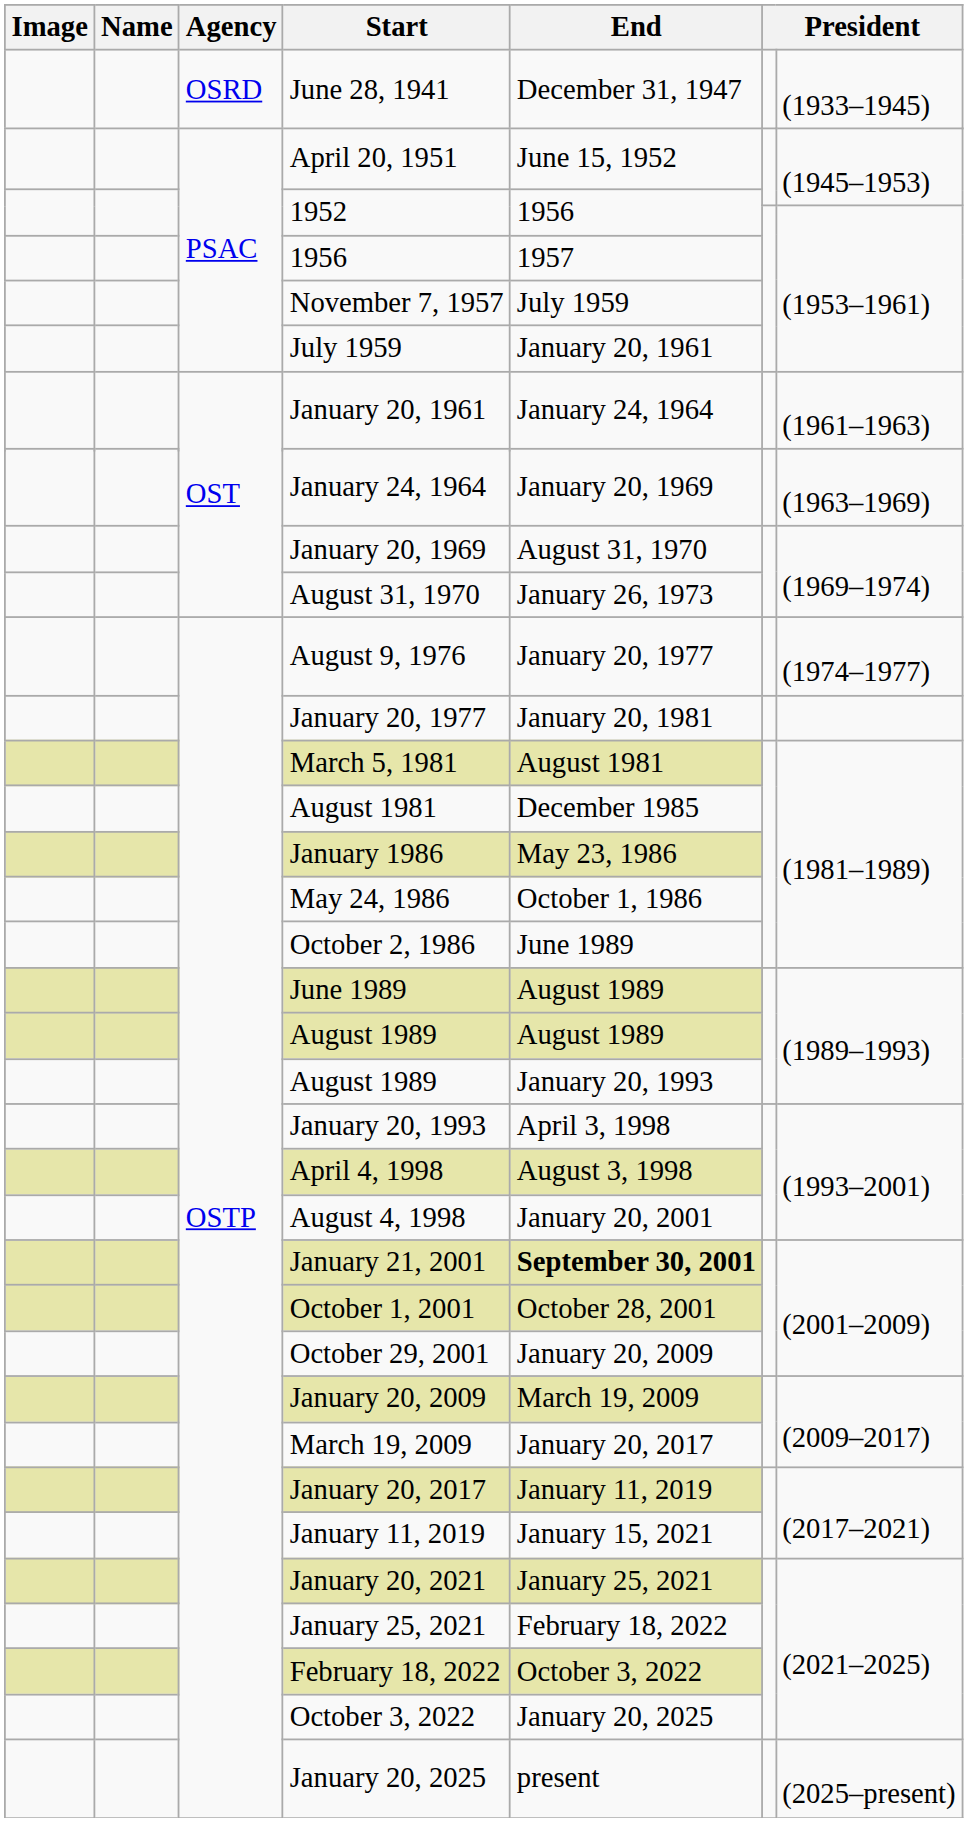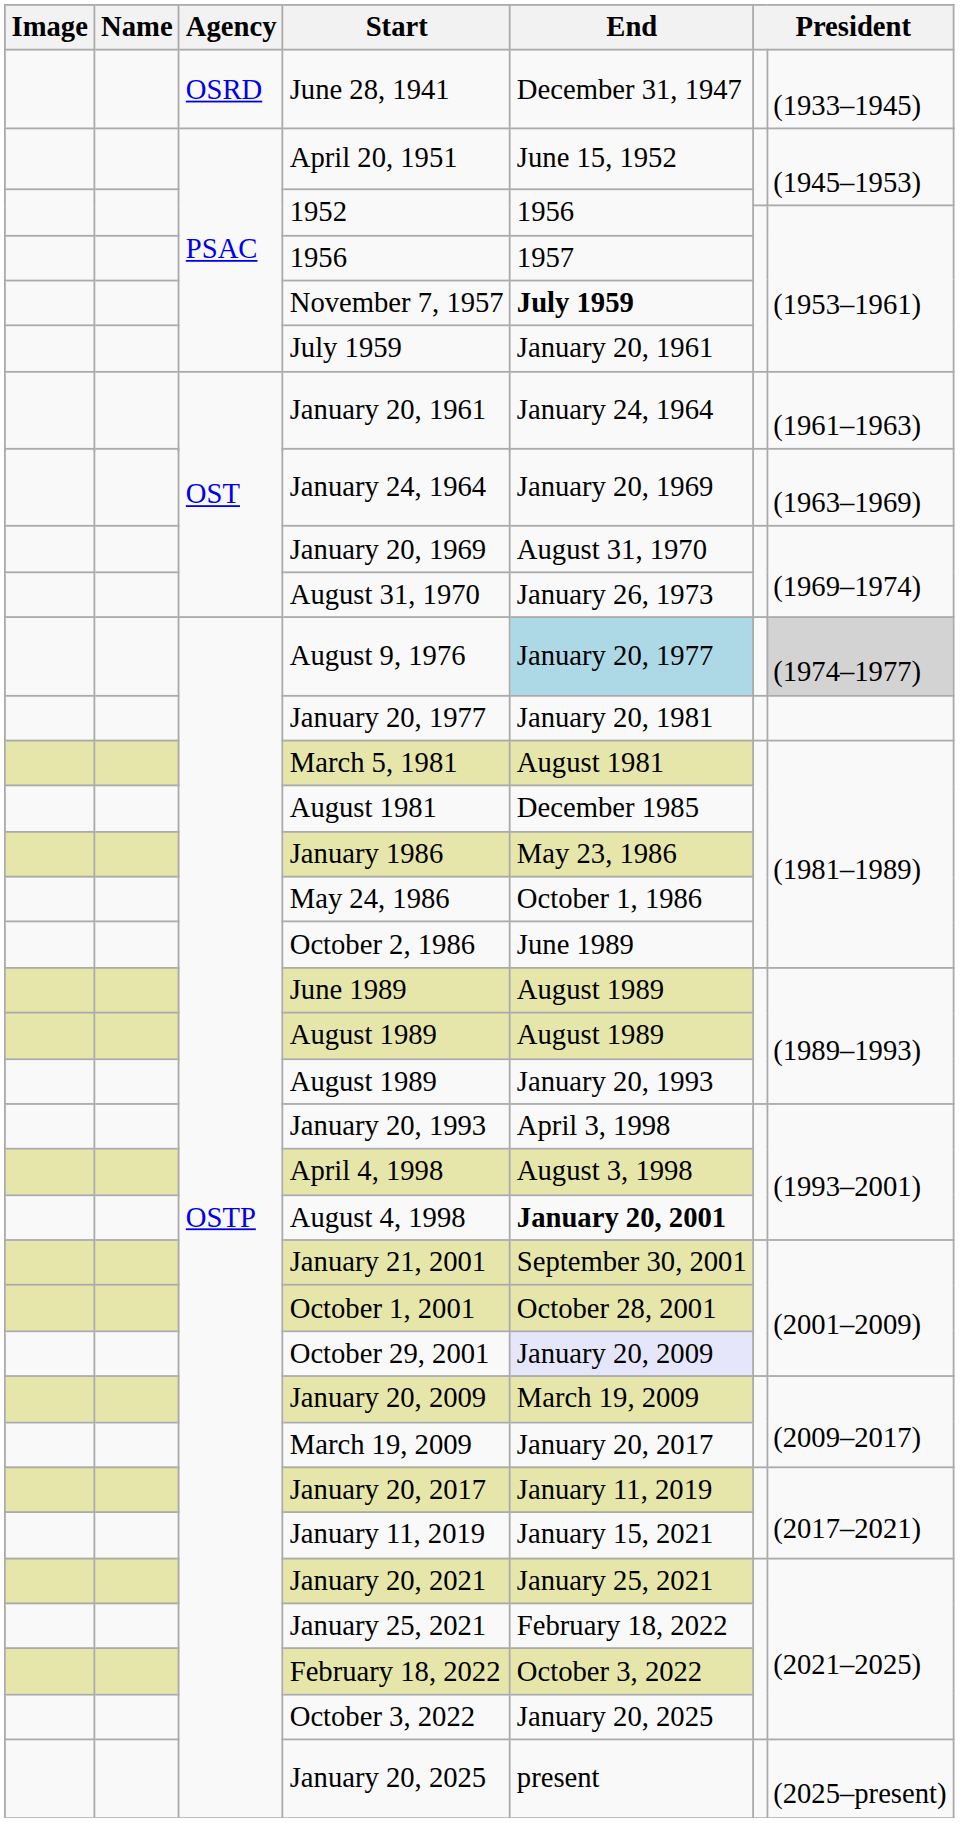 <table class="wikitable sortable">
 <tr>
 <th class=unsortable>Image</th>
 <th>Name</th>
 <th>Agency</th>
 <th>Start</th>
 <th>End</th>
 <th colspan=2>President</th>
 </tr>
 <tr>
 <td rowspan=2></td>
 <td rowspan=2></td>
 <td rowspan=2><a href='#'>OSRD</a></td>
 <td rowspan=2>June 28, 1941</td>
 <td rowspan=2>December 31, 1947</td>
 <td style="background: "></td>
 <td><br>(1933–1945)</td>
 </tr>
 <tr>
 <td rowspan=3 style="background: "></td>
 <td rowspan=3><br>(1945–1953)</td>
 </tr>
 <tr>
 <td></td>
 <td></td>
 <td rowspan=6><a href='#'>PSAC</a></td>
 <td>April 20, 1951</td>
 <td>June 15, 1952</td>
 </tr>
 <tr>
 <td rowspan=2></td>
 <td rowspan=2></td>
 <td rowspan=2>1952</td>
 <td rowspan=2>1956</td>
 </tr>
 <tr>
 <td rowspan=4 style="background: "></td>
 <td rowspan=4><br>(1953–1961)</td>
 </tr>
 <tr>
 <td></td>
 <td></td>
 <td>1956</td>
 <td>1957</td>
 </tr>
 <tr>
 <td></td>
 <td></td>
 <td>November 7, 1957</td>
-<td>July 1959</td>
+<td><strong>July 1959</strong></td>
 </tr>
 <tr>
 <td></td>
 <td></td>
 <td>July 1959</td>
 <td>January 20, 1961</td>
 </tr>
 <tr>
 <td rowspan=2></td>
 <td rowspan=2></td>
 <td rowspan=5><a href='#'>OST</a></td>
 <td rowspan=2>January 20, 1961</td>
 <td rowspan=2>January 24, 1964</td>
 <td style="background: "></td>
 <td><br>(1961–1963)</td>
 </tr>
 <tr>
 <td rowspan=2 style="background: "></td>
 <td rowspan=2><br>(1963–1969)</td>
 </tr>
 <tr>
 <td></td>
 <td></td>
 <td>January 24, 1964</td>
 <td>January 20, 1969</td>
 </tr>
 <tr>
 <td></td>
 <td></td>
 <td>January 20, 1969</td>
 <td>August 31, 1970</td>
 <td rowspan=2 style="background: "></td>
 <td rowspan=2><br>(1969–1974)</td>
 </tr>
 <tr>
 <td></td>
 <td></td>
 <td>August 31, 1970</td>
 <td>January 26, 1973</td>
 </tr>
 <tr>
 <td></td>
 <td></td>
 <td rowspan=25><a href='#'>OSTP</a></td>
 <td>August 9, 1976</td>
-<td>January 20, 1977</td>
+<td style="background: lightblue;">January 20, 1977</td>
 <td style="background: "></td>
-<td><br>(1974–1977)</td>
+<td style="background: lightgrey;"><br>(1974–1977)</td>
 </tr>
 <tr>
 <td></td>
 <td></td>
 <td>January 20, 1977</td>
 <td>January 20, 1981</td>
 <td style="background: "></td>
 <td></td>
 </tr>
 <tr>
 <td bgcolor="#e6e6aa"></td>
 <td bgcolor="#e6e6aa"><br></td>
 <td bgcolor="#e6e6aa">March 5, 1981</td>
 <td bgcolor="#e6e6aa">August 1981</td>
 <td rowspan=5 style="background: "></td>
 <td rowspan=5><br>(1981–1989)</td>
 </tr>
 <tr>
 <td></td>
 <td></td>
 <td>August 1981</td>
 <td>December 1985</td>
 </tr>
 <tr bgcolor="#e6e6aa">
 <td></td>
 <td><br></td>
 <td>January 1986</td>
 <td>May 23, 1986</td>
 </tr>
 <tr>
 <td></td>
 <td><br></td>
 <td>May 24, 1986</td>
 <td>October 1, 1986</td>
 </tr>
 <tr>
 <td></td>
 <td></td>
 <td>October 2, 1986</td>
 <td>June 1989</td>
 </tr>
 <tr>
 <td bgcolor="#e6e6aa"></td>
 <td bgcolor="#e6e6aa"><br></td>
 <td bgcolor="#e6e6aa">June 1989</td>
 <td bgcolor="#e6e6aa">August 1989</td>
 <td rowspan=3 style="background: "></td>
 <td rowspan=3><br>(1989–1993)</td>
 </tr>
 <tr bgcolor="#e6e6aa">
 <td></td>
 <td><br></td>
 <td>August 1989</td>
 <td>August 1989</td>
 </tr>
 <tr>
 <td></td>
 <td></td>
 <td>August 1989</td>
 <td>January 20, 1993</td>
 </tr>
 <tr>
 <td></td>
 <td></td>
 <td>January 20, 1993</td>
 <td>April 3, 1998</td>
 <td rowspan=3 style="background: "></td>
 <td rowspan=3><br>(1993–2001)</td>
 </tr>
 <tr bgcolor="#e6e6aa">
 <td></td>
 <td><br></td>
 <td>April 4, 1998</td>
 <td>August 3, 1998</td>
 </tr>
 <tr>
 <td></td>
 <td></td>
 <td>August 4, 1998</td>
-<td>January 20, 2001</td>
+<td><strong>January 20, 2001</strong></td>
 </tr>
 <tr>
 <td bgcolor="#e6e6aa"></td>
 <td bgcolor="#e6e6aa"><br></td>
 <td bgcolor="#e6e6aa">January 21, 2001</td>
-<td bgcolor="#e6e6aa"><strong>September 30, 2001</strong></td>
+<td bgcolor="#e6e6aa">September 30, 2001</td>
 <td rowspan=3 style="background: "></td>
 <td rowspan=3><br>(2001–2009)</td>
 </tr>
 <tr bgcolor="#e6e6aa">
 <td></td>
 <td><br></td>
 <td>October 1, 2001</td>
 <td>October 28, 2001</td>
 </tr>
 <tr>
 <td></td>
 <td></td>
 <td>October 29, 2001</td>
-<td>January 20, 2009</td>
+<td style="background: lavender;">January 20, 2009</td>
 </tr>
 <tr>
 <td bgcolor="#e6e6aa"></td>
 <td bgcolor="#e6e6aa"><br></td>
 <td bgcolor="#e6e6aa">January 20, 2009</td>
 <td bgcolor="#e6e6aa">March 19, 2009</td>
 <td rowspan=2 style="background: "></td>
 <td rowspan=2><br>(2009–2017)</td>
 </tr>
 <tr>
 <td></td>
 <td></td>
 <td>March 19, 2009</td>
 <td>January 20, 2017</td>
 </tr>
 <tr>
 <td bgcolor="#e6e6aa"></td>
 <td bgcolor="#e6e6aa"><br></td>
 <td bgcolor="#e6e6aa">January 20, 2017</td>
 <td bgcolor="#e6e6aa">January 11, 2019</td>
 <td rowspan=2 style="background: "></td>
 <td rowspan=2><br>(2017–2021)</td>
 </tr>
 <tr>
 <td></td>
 <td></td>
 <td>January 11, 2019</td>
 <td>January 15, 2021</td>
 </tr>
 <tr>
 <td bgcolor="#e6e6aa"></td>
 <td bgcolor="#e6e6aa"><br></td>
 <td bgcolor="#e6e6aa">January 20, 2021</td>
 <td bgcolor="#e6e6aa">January 25, 2021</td>
 <td rowspan=4 style="background: "></td>
 <td rowspan=4><br>(2021–2025)</td>
 </tr>
 <tr>
 <td></td>
 <td></td>
 <td>January 25, 2021</td>
 <td>February 18, 2022</td>
 </tr>
 <tr bgcolor="#e6e6aa">
 <td></td>
 <td><br></td>
 <td>February 18, 2022</td>
 <td>October 3, 2022</td>
 </tr>
 <tr>
 <td></td>
 <td></td>
 <td>October 3, 2022</td>
 <td>January 20, 2025</td>
 </tr>
 <tr>
 <td></td>
 <td></td>
 <td>January 20, 2025</td>
 <td>present</td>
 <td style="background: "></td>
 <td><br>(2025–present)</td>
 </tr>
 </table>
